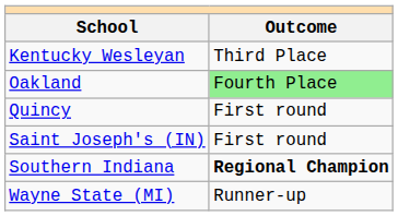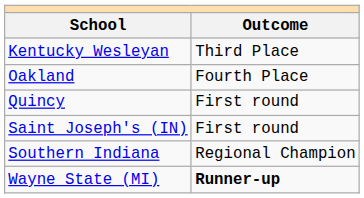 <table class="wikitable" style="float:left; margin-right:1em;">
 <tr>
 <th colspan="3" style="background:#ffdead;"></th>
 </tr>
 <tr>
 <th>School</th>
 <th>Outcome</th>
 </tr>
 <tr>
 <td><a href='#'>Kentucky Wesleyan</a></td>
 <td>Third Place</td>
 </tr>
 <tr>
 <td><a href='#'>Oakland</a></td>
-<td style="background: lightgreen;">Fourth Place</td>
+<td>Fourth Place</td>
 </tr>
 <tr>
 <td><a href='#'>Quincy</a></td>
 <td>First round</td>
 </tr>
 <tr>
 <td><a href='#'>Saint Joseph's (IN)</a></td>
 <td>First round</td>
 </tr>
 <tr>
 <td><a href='#'>Southern Indiana</a></td>
-<td><strong>Regional Champion</strong></td>
+<td>Regional Champion</td>
 </tr>
 <tr>
 <td><a href='#'>Wayne State (MI)</a></td>
-<td>Runner-up</td>
+<td><strong>Runner-up</strong></td>
 </tr>
 </table>
